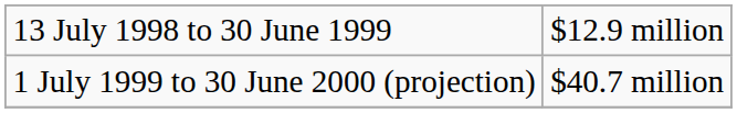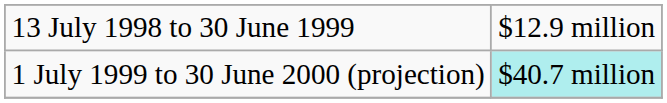 <table class="wikitable">
 <tr>
 <td>13 July 1998 to 30 June 1999</td>
 <td>$12.9 million</td>
 </tr>
 <tr>
 <td>1 July 1999 to 30 June 2000 (projection)</td>
-<td>$40.7 million</td>
+<td style="background: paleturquoise;">$40.7 million</td>
 </tr>
 <tr>
 </tr>
 </table>
